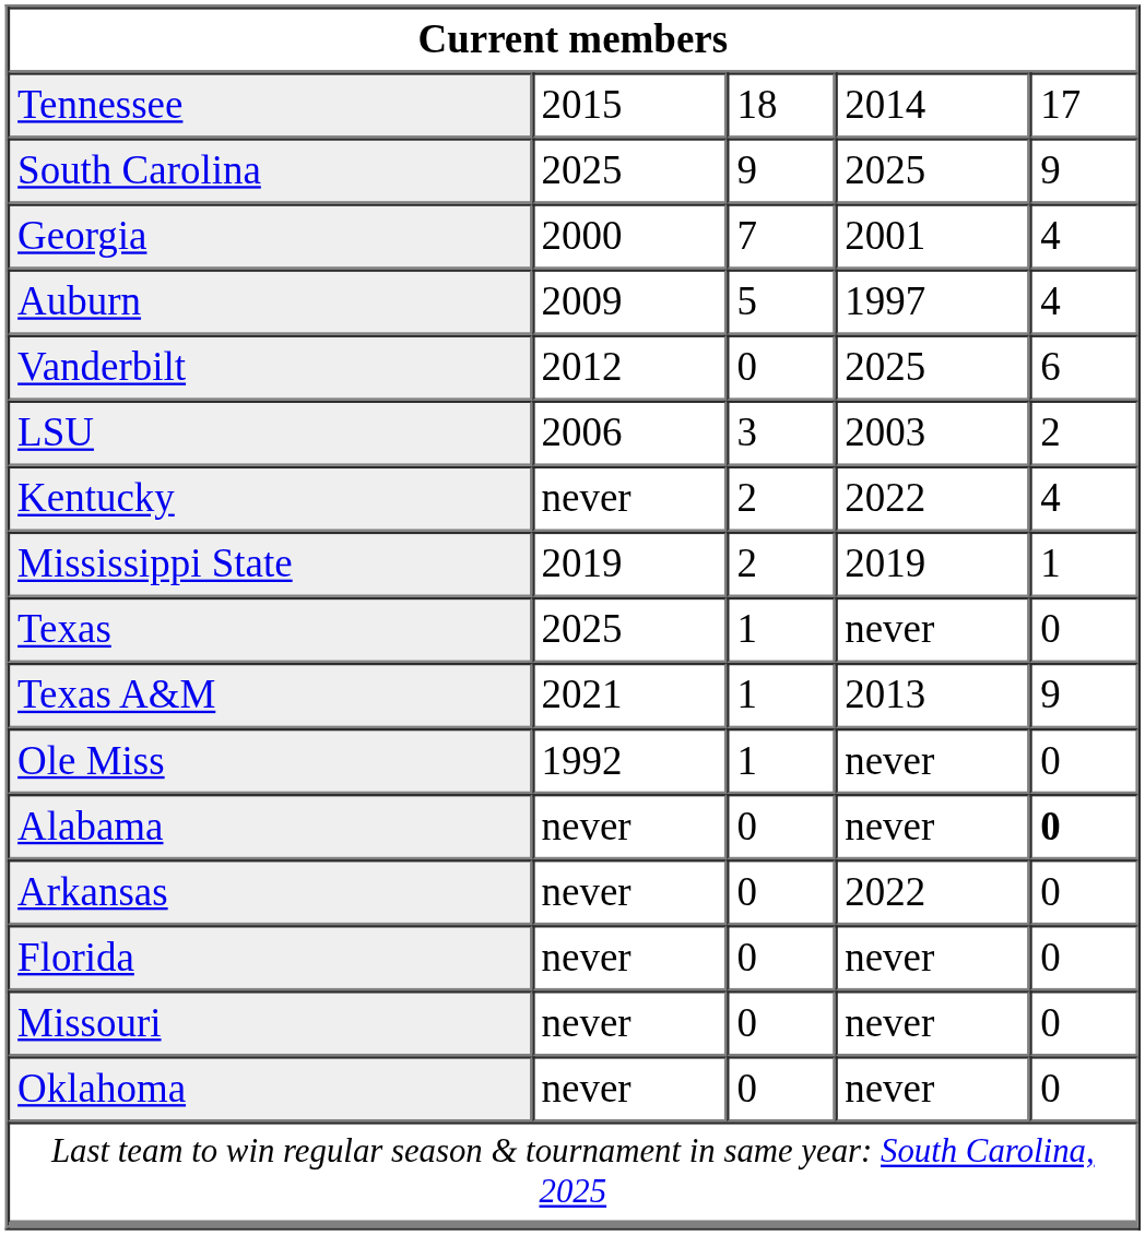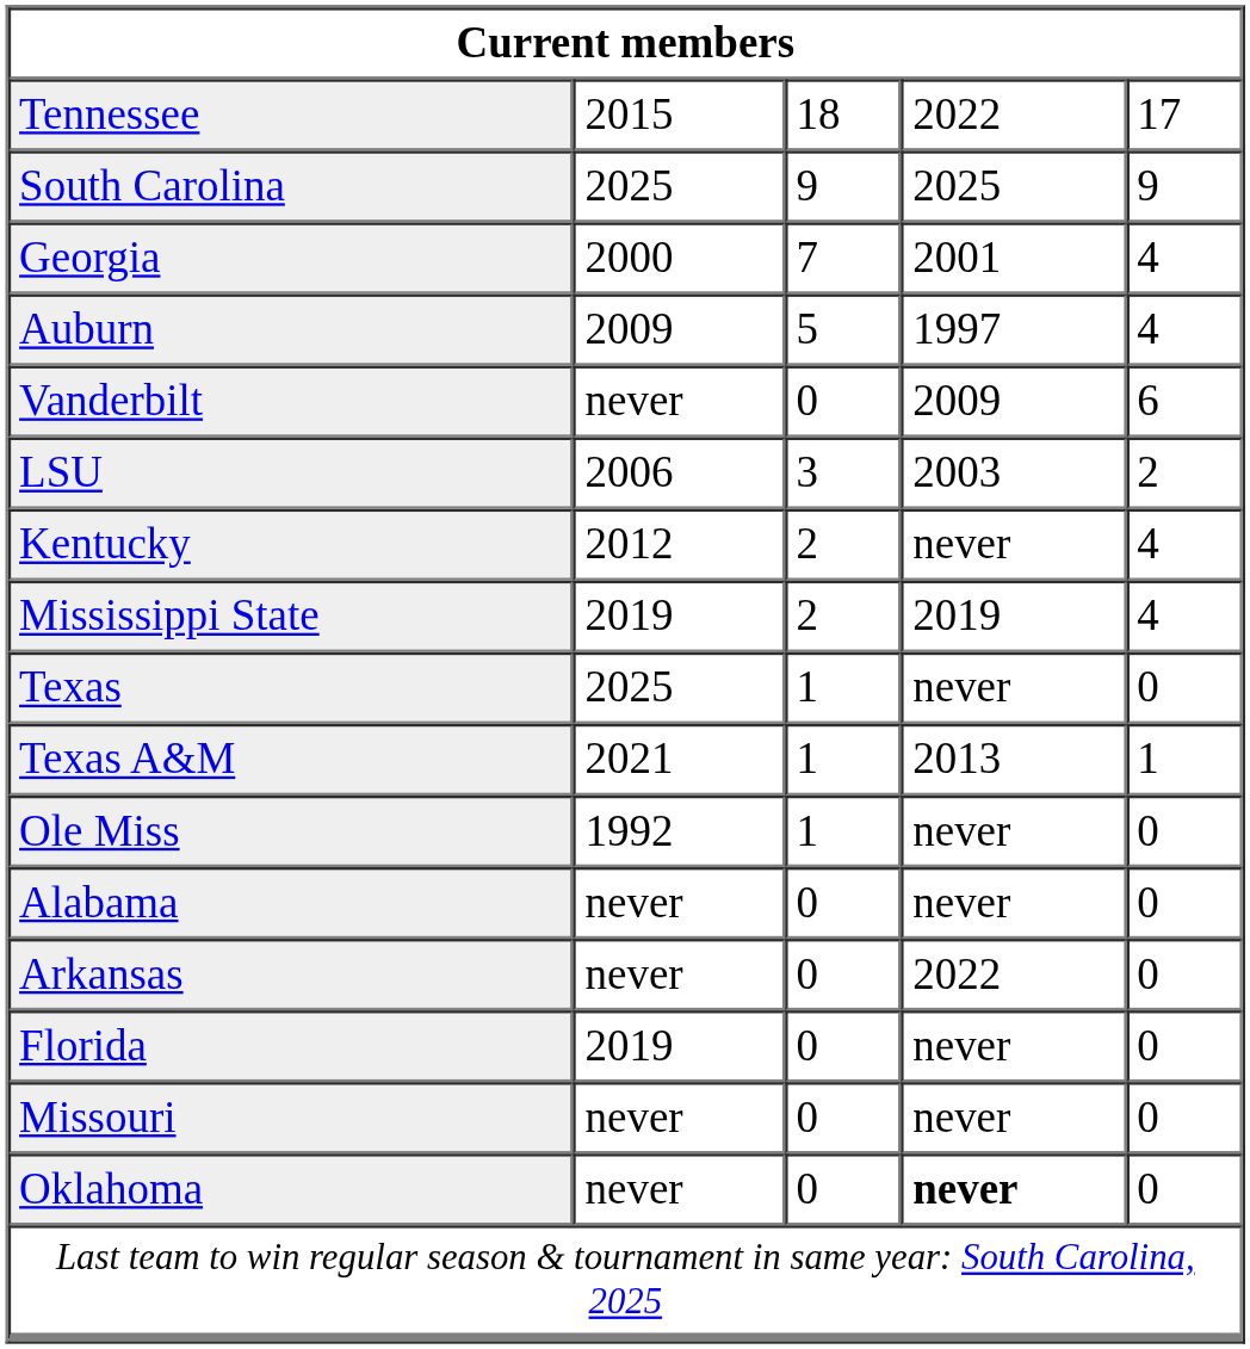 <table border="1" cellpadding="3" cellspacing="0" align="right" width="450px">
 <tr>
 </tr>
 <tr>
 <td colspan=5 align="center"><strong>Current members</strong></td>
 </tr>
 <tr>
 <td bgcolor="#efefef"><a href='#'>Tennessee</a></td>
 <td>2015</td>
 <td>18</td>
-<td>2014</td>
+<td>2022</td>
 <td>17</td>
 </tr>
 <tr>
 <td bgcolor=#efefef><a href='#'>South Carolina</a></td>
 <td>2025</td>
 <td>9</td>
 <td>2025</td>
 <td>9</td>
 </tr>
 <tr>
 <td bgcolor="#efefef"><a href='#'>Georgia</a></td>
 <td>2000</td>
 <td>7</td>
 <td>2001</td>
 <td>4</td>
 </tr>
 <tr>
 <td bgcolor="#efefef"><a href='#'>Auburn</a></td>
 <td>2009</td>
 <td>5</td>
 <td>1997</td>
 <td>4</td>
 </tr>
 <tr>
 <td bgcolor="#efefef"><a href='#'>Vanderbilt</a></td>
-<td>2012</td>
+<td>never</td>
 <td>0</td>
-<td>2025</td>
+<td>2009</td>
 <td>6</td>
 </tr>
 <tr>
 <td bgcolor="#efefef"><a href='#'>LSU</a></td>
 <td>2006</td>
 <td>3</td>
 <td>2003</td>
 <td>2</td>
 </tr>
 <tr>
 <td bgcolor="#efefef"><a href='#'>Kentucky</a></td>
+<td>2012</td>
+<td>2</td>
 <td>never</td>
-<td>2</td>
-<td>2022</td>
 <td>4</td>
 </tr>
 <tr>
 <td bgcolor="#efefef"><a href='#'>Mississippi State</a></td>
 <td>2019</td>
 <td>2</td>
 <td>2019</td>
-<td>1</td>
+<td>4</td>
 </tr>
 <tr>
 <td bgcolor="#efefef"><a href='#'>Texas</a></td>
 <td>2025</td>
 <td>1</td>
 <td>never</td>
 <td>0</td>
 </tr>
 <tr>
 <td bgcolor=#efefef><a href='#'>Texas A&M</a></td>
 <td>2021</td>
 <td>1</td>
 <td>2013</td>
-<td>9</td>
+<td>1</td>
 </tr>
 <tr>
 <td bgcolor="#efefef"><a href='#'>Ole Miss</a></td>
 <td>1992</td>
 <td>1</td>
 <td>never</td>
 <td>0</td>
 </tr>
 <tr>
 <td bgcolor="#efefef"><a href='#'>Alabama</a></td>
 <td>never</td>
 <td>0</td>
 <td>never</td>
-<td><strong>0</strong></td>
+<td>0</td>
 </tr>
 <tr>
 <td bgcolor="#efefef"><a href='#'>Arkansas</a></td>
 <td>never</td>
 <td>0</td>
 <td>2022</td>
 <td>0</td>
 </tr>
 <tr>
 <td bgcolor="#efefef"><a href='#'>Florida</a></td>
-<td>never</td>
+<td>2019</td>
 <td>0</td>
 <td>never</td>
 <td>0</td>
 </tr>
 <tr>
 <td bgcolor="#efefef"><a href='#'>Missouri</a></td>
 <td>never</td>
 <td>0</td>
 <td>never</td>
 <td>0</td>
 </tr>
 <tr>
 <td bgcolor="#efefef"><a href='#'>Oklahoma</a></td>
 <td>never</td>
 <td>0</td>
-<td>never</td>
+<td><strong>never</strong></td>
 <td>0</td>
 </tr>
 <tr>
 <td colspan="6" align="center" style="border-bottom:3px solid gray; font-size:smaller"><em>Last team to win regular season & tournament in same year: <a href='#'>South Carolina, 2025</a></em></td>
 </tr>
 </table>
